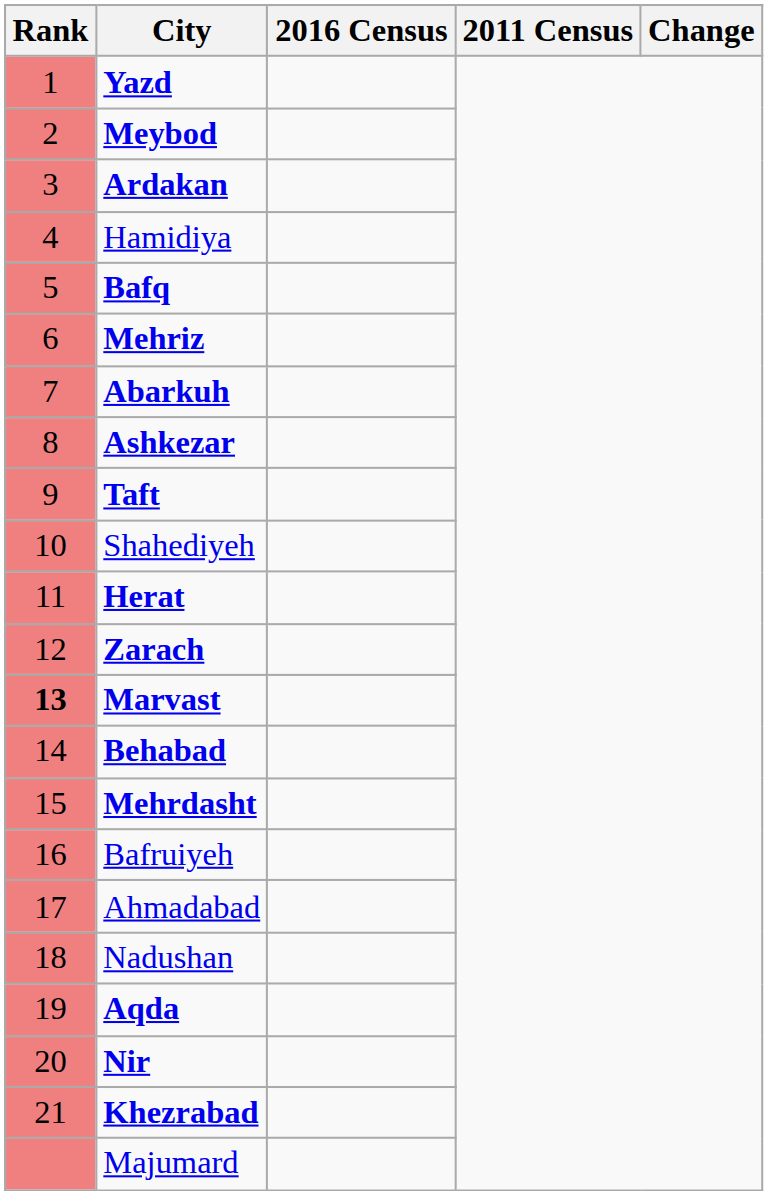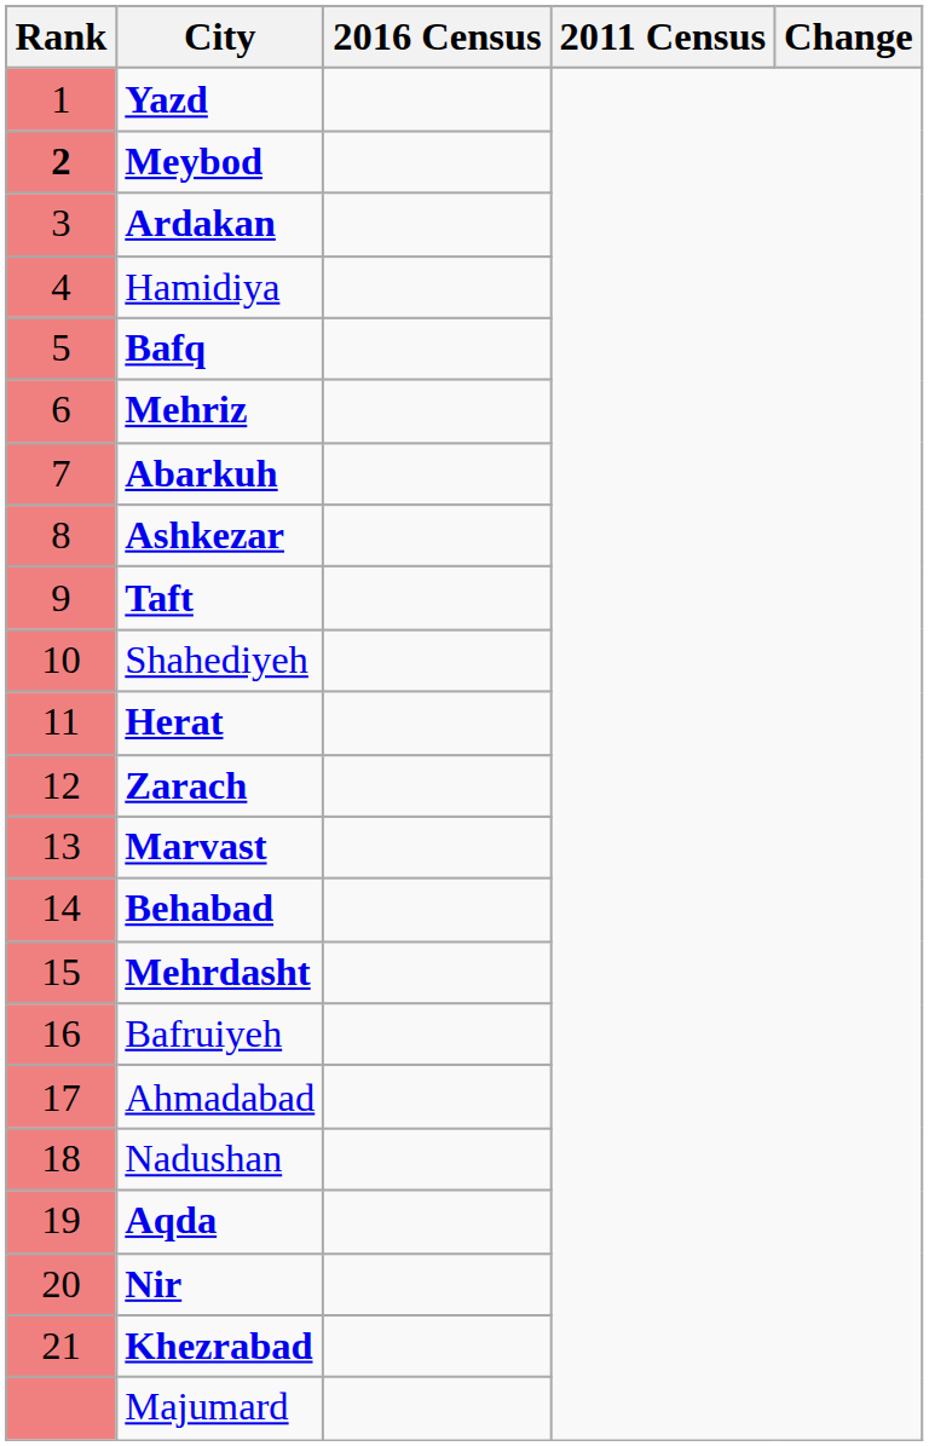 <table class="wikitable sortable">
 <tr>
 <th>Rank</th>
 <th>City</th>
 <th>2016 Census</th>
 <th>2011 Census</th>
 <th>Change</th>
 </tr>
 <tr>
 <td align=center bgcolor="F08080">1</td>
 <td><strong><a href='#'>Yazd</a></strong></td>
 <td></td>
 </tr>
 <tr>
-<td align=center bgcolor="F08080">2</td>
+<td align=center bgcolor="F08080"><strong>2</strong></td>
 <td><strong><a href='#'>Meybod</a></strong></td>
 <td></td>
 </tr>
 <tr>
 <td align=center bgcolor="F08080">3</td>
 <td><strong><a href='#'>Ardakan</a></strong></td>
 <td></td>
 </tr>
 <tr>
 <td align=center bgcolor="F08080">4</td>
 <td><a href='#'>Hamidiya</a></td>
 <td></td>
 </tr>
 <tr>
 <td align=center bgcolor="F08080">5</td>
 <td><strong><a href='#'>Bafq</a></strong></td>
 <td></td>
 </tr>
 <tr>
 <td align=center bgcolor="F08080">6</td>
 <td><strong><a href='#'>Mehriz</a></strong></td>
 <td></td>
 </tr>
 <tr>
 <td align=center bgcolor="F08080">7</td>
 <td><strong><a href='#'>Abarkuh</a></strong></td>
 <td></td>
 </tr>
 <tr>
 <td align=center bgcolor="F08080">8</td>
 <td><strong><a href='#'>Ashkezar</a></strong></td>
 <td></td>
 </tr>
 <tr>
 <td align=center bgcolor="F08080">9</td>
 <td><strong><a href='#'>Taft</a></strong></td>
 <td></td>
 </tr>
 <tr>
 <td align=center bgcolor="F08080">10</td>
 <td><a href='#'>Shahediyeh</a></td>
 <td></td>
 </tr>
 <tr>
 <td align=center bgcolor="F08080">11</td>
 <td><strong><a href='#'>Herat</a></strong></td>
 <td></td>
 </tr>
 <tr>
 <td align=center bgcolor="F08080">12</td>
 <td><strong><a href='#'>Zarach</a></strong></td>
 <td></td>
 </tr>
 <tr>
-<td align=center bgcolor="F08080"><strong>13</strong></td>
+<td align=center bgcolor="F08080">13</td>
 <td><strong><a href='#'>Marvast</a></strong></td>
 <td></td>
 </tr>
 <tr>
 <td align=center bgcolor="F08080">14</td>
 <td><strong><a href='#'>Behabad</a></strong></td>
 <td></td>
 </tr>
 <tr>
 <td align=center bgcolor="F08080">15</td>
 <td><strong><a href='#'>Mehrdasht</a></strong></td>
 <td></td>
 </tr>
 <tr>
 <td align=center bgcolor="F08080">16</td>
 <td><a href='#'>Bafruiyeh</a></td>
 <td></td>
 </tr>
 <tr>
 <td align=center bgcolor="F08080">17</td>
 <td><a href='#'>Ahmadabad</a></td>
 <td></td>
 </tr>
 <tr>
 <td align=center bgcolor="F08080">18</td>
 <td><a href='#'>Nadushan</a></td>
 <td></td>
 </tr>
 <tr>
 <td align=center bgcolor="F08080">19</td>
 <td><strong><a href='#'>Aqda</a></strong></td>
 <td></td>
 </tr>
 <tr>
 <td align=center bgcolor="F08080">20</td>
 <td><strong><a href='#'>Nir</a></strong></td>
 <td></td>
 </tr>
 <tr>
 <td align=center bgcolor="F08080">21</td>
 <td><strong><a href='#'>Khezrabad</a></strong></td>
 <td></td>
 </tr>
 <tr>
 <td align=center bgcolor="F08080"></td>
 <td><a href='#'>Majumard</a></td>
 <td></td>
 </tr>
 </table>
